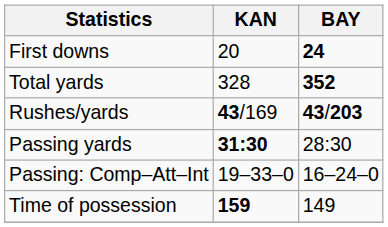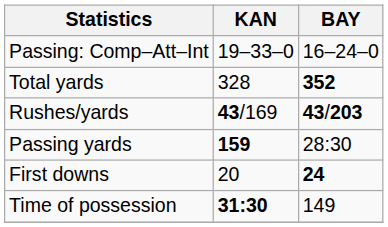 <table class="wikitable" style="float: left;">
 <tr>
 <th>Statistics</th>
 <th>KAN</th>
 <th>BAY</th>
 </tr>
 <tr>
-<td>First downs</td>
-<td>20</td>
-<td><strong>24</strong></td>
+<td>Passing: Comp–Att–Int</td>
+<td>19–33–0</td>
+<td>16–24–0</td>
 </tr>
 <tr>
 <td>Total yards</td>
 <td>328</td>
 <td><strong>352</strong></td>
 </tr>
 <tr>
 <td>Rushes/yards</td>
 <td><strong>43</strong>/169</td>
 <td><strong>43</strong>/<strong>203</strong></td>
 </tr>
 <tr>
 <td>Passing yards</td>
-<td><strong>31:30</strong></td>
+<td><strong>159</strong></td>
 <td>28:30</td>
 </tr>
 <tr>
-<td>Passing: Comp–Att–Int</td>
-<td>19–33–0</td>
-<td>16–24–0</td>
+<td>First downs</td>
+<td>20</td>
+<td><strong>24</strong></td>
 </tr>
 <tr>
 <td>Time of possession</td>
-<td><strong>159</strong></td>
+<td><strong>31:30</strong></td>
 <td>149</td>
 </tr>
 <tr>
 </tr>
 </table>
